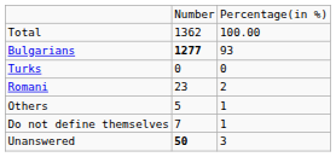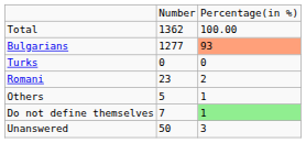 <table class="wikitable">
 <tr>
 <td></td>
 <td>Number</td>
 <td>Percentage(in %)</td>
 </tr>
 <tr>
 <td>Total</td>
 <td>1362</td>
 <td>100.00</td>
 </tr>
 <tr>
 <td><a href='#'>Bulgarians</a></td>
-<td><strong>1277</strong></td>
-<td>93</td>
+<td>1277</td>
+<td style="background: lightsalmon;">93</td>
 </tr>
 <tr>
 <td><a href='#'>Turks</a></td>
 <td>0</td>
 <td>0</td>
 </tr>
 <tr>
 <td><a href='#'>Romani</a></td>
 <td>23</td>
 <td>2</td>
 </tr>
 <tr>
 <td>Others</td>
 <td>5</td>
 <td>1</td>
 </tr>
 <tr>
 <td>Do not define themselves</td>
 <td>7</td>
-<td>1</td>
+<td style="background: lightgreen;">1</td>
 </tr>
 <tr>
 <td>Unanswered</td>
-<td><strong>50</strong></td>
+<td>50</td>
 <td>3</td>
 </tr>
 </table>
